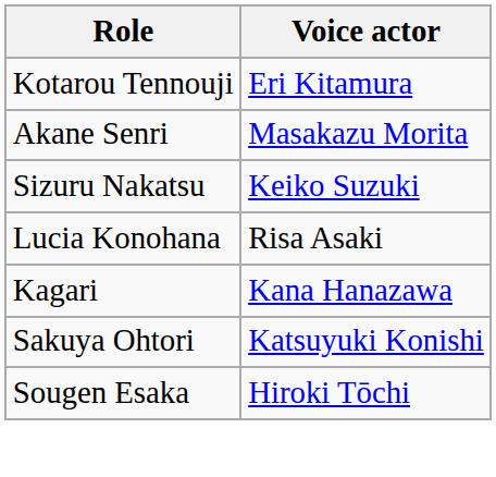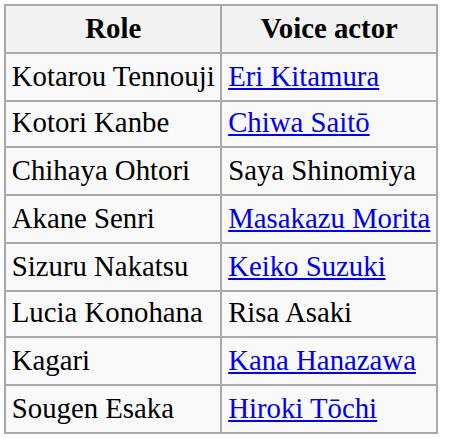 <table class="floatright wikitable" style="font-size:90%">
 <tr>
 <th>Role</th>
 <th>Voice actor</th>
 </tr>
 <tr>
 <td>Kotarou Tennouji</td>
 <td><a href='#'>Eri Kitamura</a></td>
+</tr>
+<tr>
+<td>Kotori Kanbe</td>
+<td><a href='#'>Chiwa Saitō</a></td>
+</tr>
+<tr>
+<td>Chihaya Ohtori</td>
+<td>Saya Shinomiya</td>
 </tr>
 <tr>
 <td>Akane Senri</td>
 <td><a href='#'>Masakazu Morita</a></td>
 </tr>
 <tr>
 <td>Sizuru Nakatsu</td>
 <td><a href='#'>Keiko Suzuki</a></td>
 </tr>
 <tr>
 <td>Lucia Konohana</td>
 <td>Risa Asaki</td>
 </tr>
 <tr>
 <td>Kagari</td>
 <td><a href='#'>Kana Hanazawa</a></td>
 </tr>
 <tr>
-<td>Sakuya Ohtori</td>
-<td><a href='#'>Katsuyuki Konishi</a></td>
-</tr>
-<tr>
 <td>Sougen Esaka</td>
 <td><a href='#'>Hiroki Tōchi</a></td>
 </tr>
 </table>
